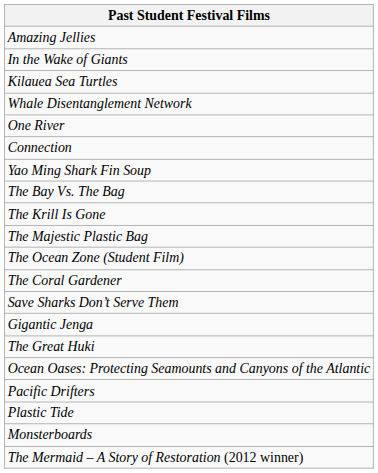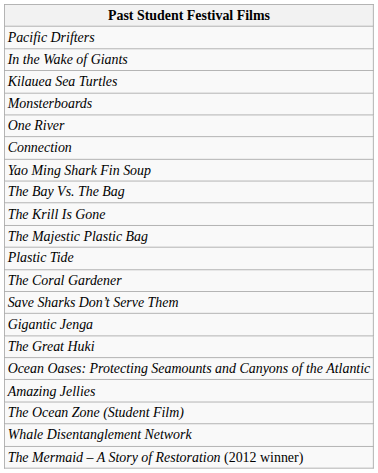 <table class="wikitable">
 <tr>
 <th>Past Student Festival Films</th>
 </tr>
 <tr>
-<td><em>Amazing Jellies</em></td>
+<td><em>Pacific Drifters</em></td>
 </tr>
 <tr>
 <td><em>In the Wake of Giants</em></td>
 </tr>
 <tr>
 <td><em>Kilauea Sea Turtles</em></td>
 </tr>
 <tr>
-<td><em>Whale Disentanglement Network</em></td>
+<td><em>Monsterboards</em></td>
 </tr>
 <tr>
 <td><em>One River</em></td>
 </tr>
 <tr>
 <td><em>Connection</em></td>
 </tr>
 <tr>
 <td><em>Yao Ming Shark Fin Soup</em></td>
 </tr>
 <tr>
 <td><em>The Bay Vs. The Bag</em></td>
 </tr>
 <tr>
 <td><em>The Krill Is Gone</em></td>
 </tr>
 <tr>
 <td><em>The Majestic Plastic Bag</em></td>
 </tr>
 <tr>
-<td><em>The Ocean Zone (Student Film)</em></td>
+<td><em>Plastic Tide</em></td>
 </tr>
 <tr>
 <td><em>The Coral Gardener</em></td>
 </tr>
 <tr>
 <td><em>Save Sharks Don’t Serve Them</em></td>
 </tr>
 <tr>
 <td><em>Gigantic Jenga</em></td>
 </tr>
 <tr>
 <td><em>The Great Huki</em></td>
 </tr>
 <tr>
 <td><em>Ocean Oases: Protecting Seamounts and Canyons of the Atlantic</em></td>
 </tr>
 <tr>
-<td><em>Pacific Drifters</em></td>
+<td><em>Amazing Jellies</em></td>
 </tr>
 <tr>
-<td><em>Plastic Tide</em></td>
+<td><em>The Ocean Zone (Student Film)</em></td>
 </tr>
 <tr>
-<td><em>Monsterboards</em></td>
+<td><em>Whale Disentanglement Network</em></td>
 </tr>
 <tr>
 <td><em>The Mermaid – A Story of Restoration</em> (2012 winner)</td>
 </tr>
 </table>
